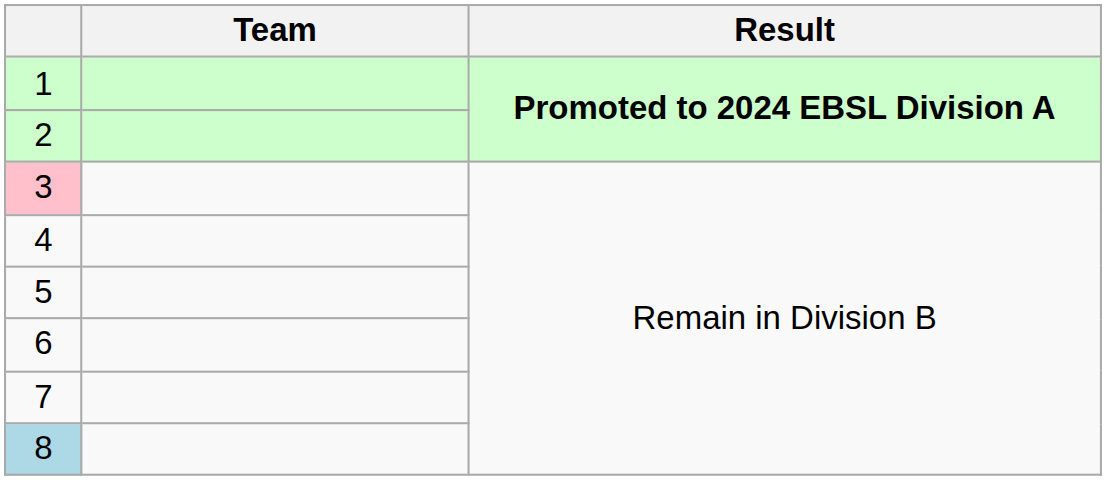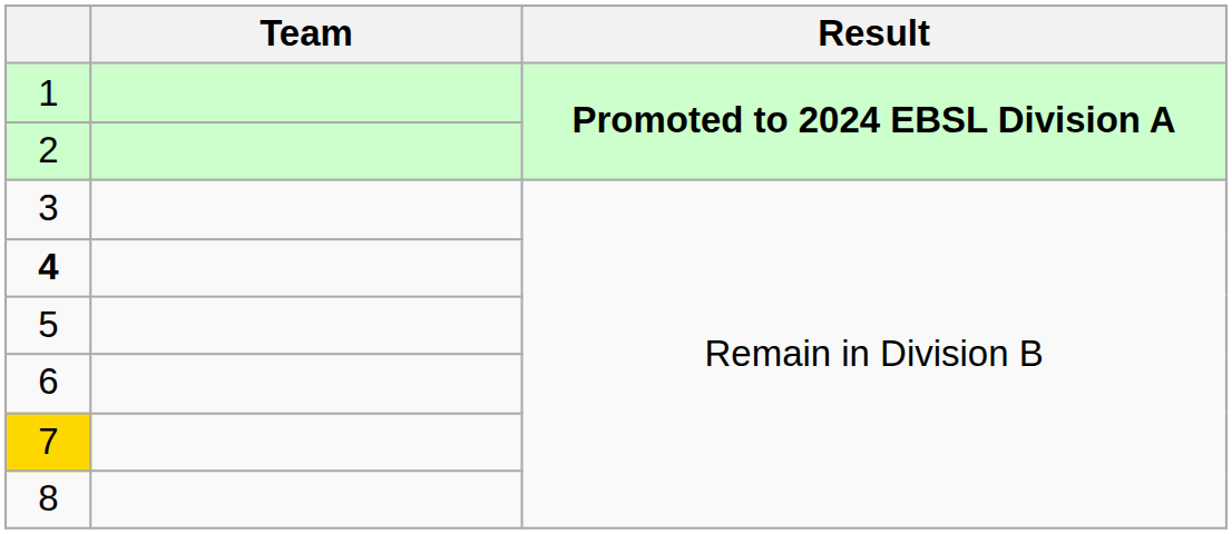 <table class="wikitable" style="text-align: center; font-size: 100%;">
 <tr>
 <th width="30"></th>
 <th width="180">Team</th>
 <th width="300">Result</th>
 </tr>
 <tr style="background-color: #ccffcc;">
 <td>1</td>
 <td align=left></td>
 <td rowspan=2><strong>Promoted to 2024 EBSL Division A</strong></td>
 </tr>
 <tr style="background-color: #ccffcc;">
 <td>2</td>
 <td align=left></td>
 </tr>
 <tr>
-<td style="background: pink;">3</td>
+<td>3</td>
 <td align=left></td>
 <td rowspan=6>Remain in Division B</td>
 </tr>
 <tr>
-<td>4</td>
+<td><strong>4</strong></td>
 <td align=left></td>
 </tr>
 <tr>
 <td>5</td>
 <td align=left></td>
 </tr>
 <tr>
 <td>6</td>
 <td align=left></td>
 </tr>
 <tr>
-<td>7</td>
+<td style="background: gold;">7</td>
 <td align=left></td>
 </tr>
 <tr>
-<td style="background: lightblue;">8</td>
+<td>8</td>
 <td align=left></td>
 </tr>
 </table>
